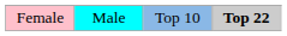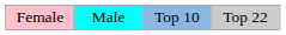 <table class="wikitable" style="margin:1em auto; text-align:center;">
 <tr>
 </tr>
 <tr>
 <td style="background:pink;" width="20%">Female</td>
 <td style="background:cyan;" width="20%">Male</td>
 <td style="background:#8ab8e6;" width="20%">Top 10</td>
-<td bgcolor="CCCCCC" width="20%"><strong>Top 22</strong></td>
+<td bgcolor="CCCCCC" width="20%">Top 22</td>
 </tr>
 </table>
